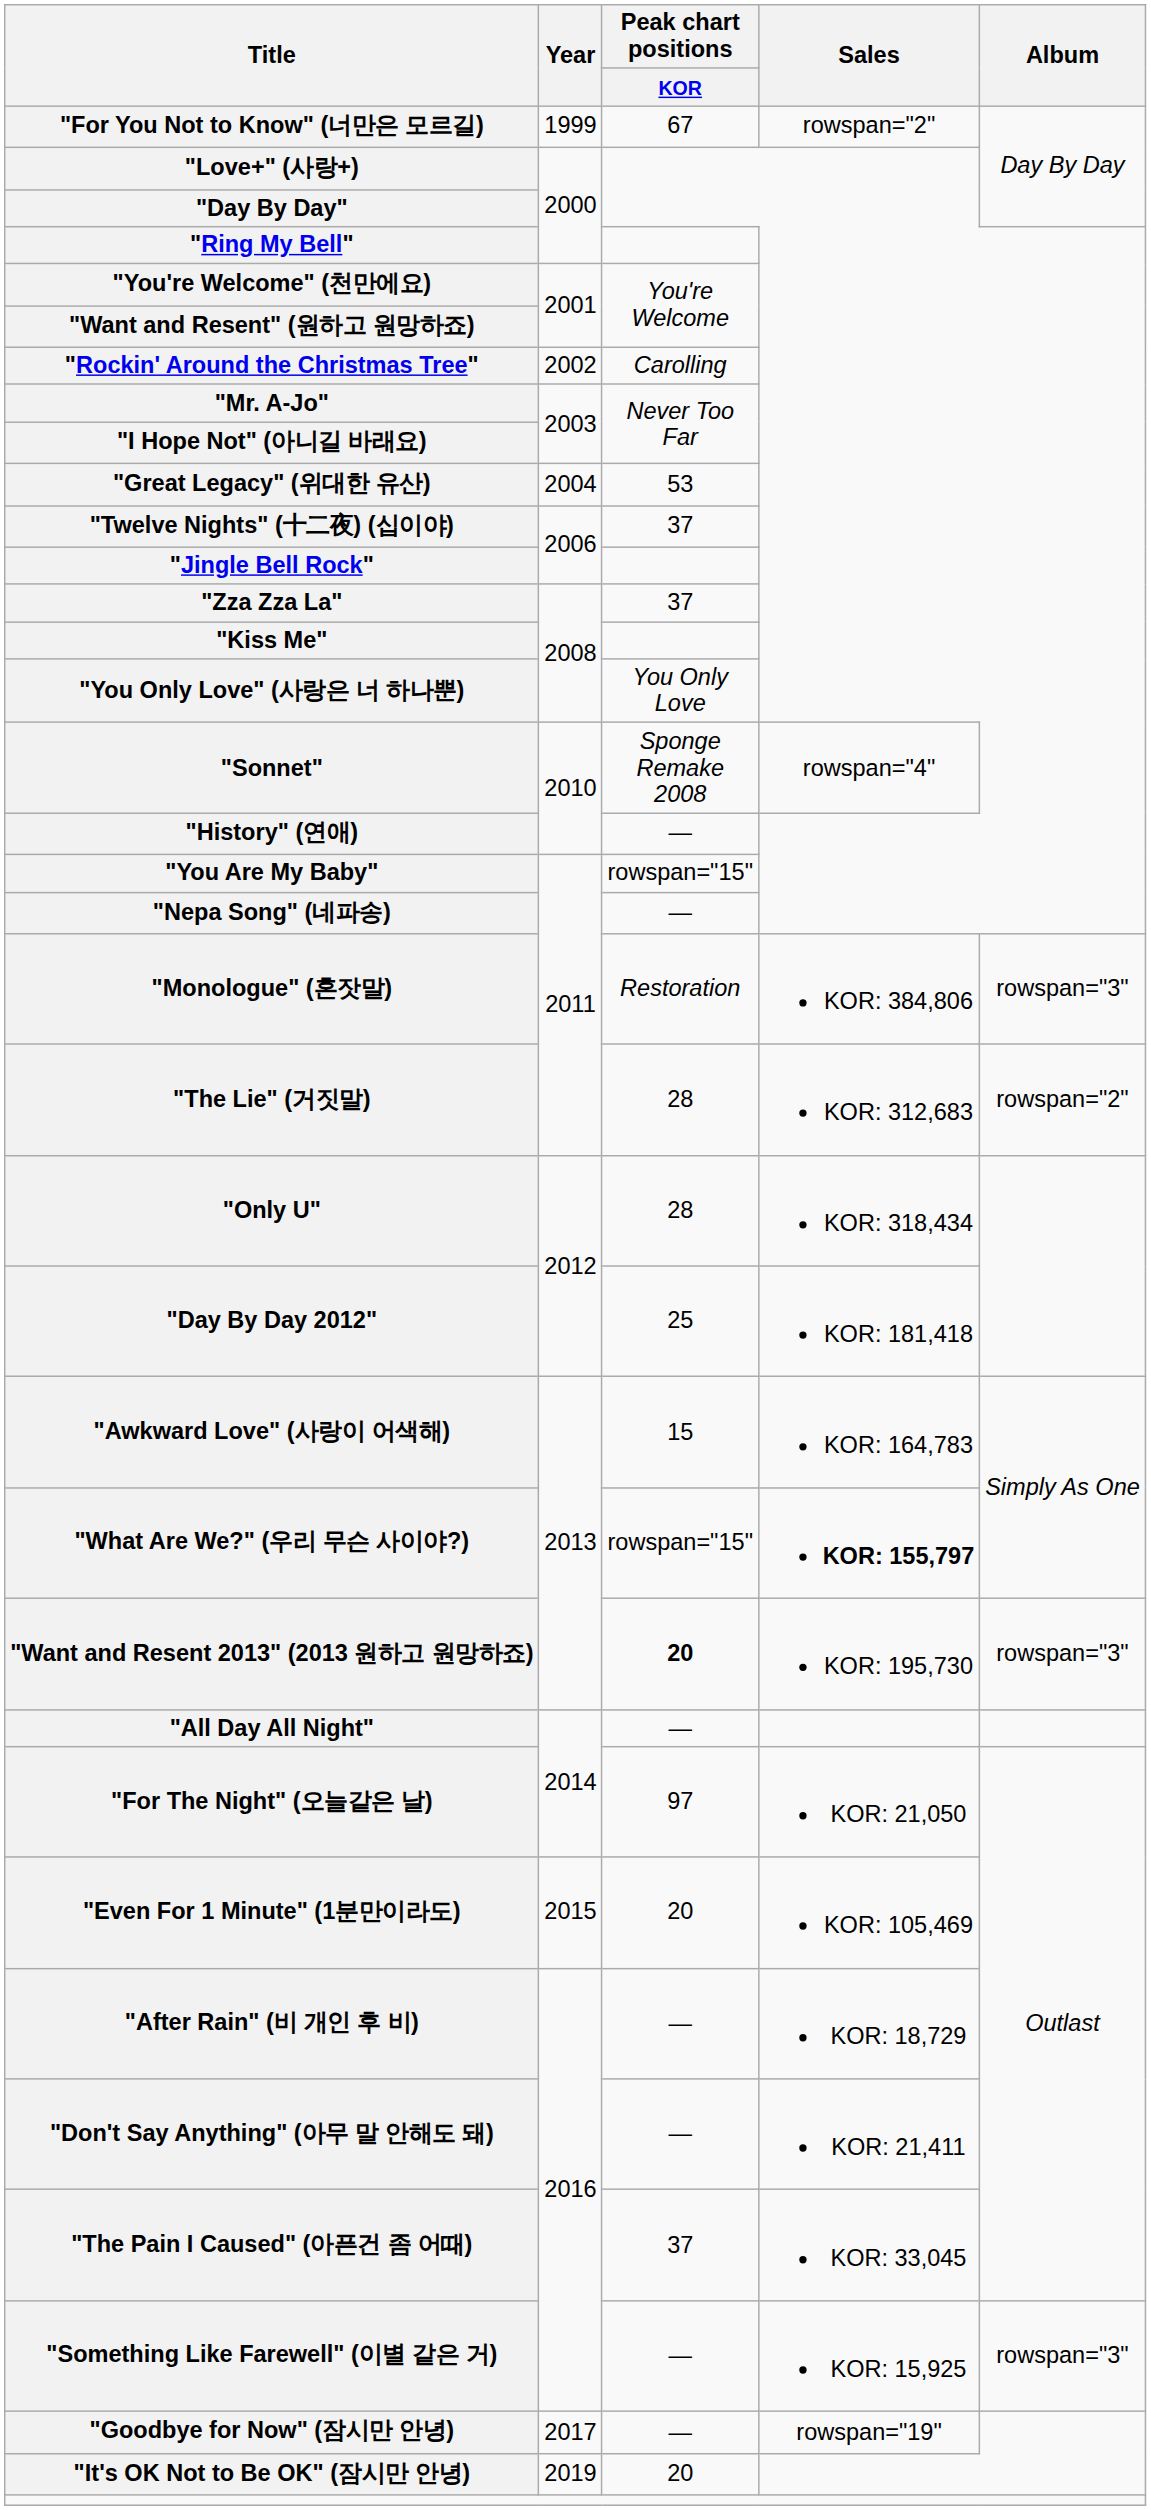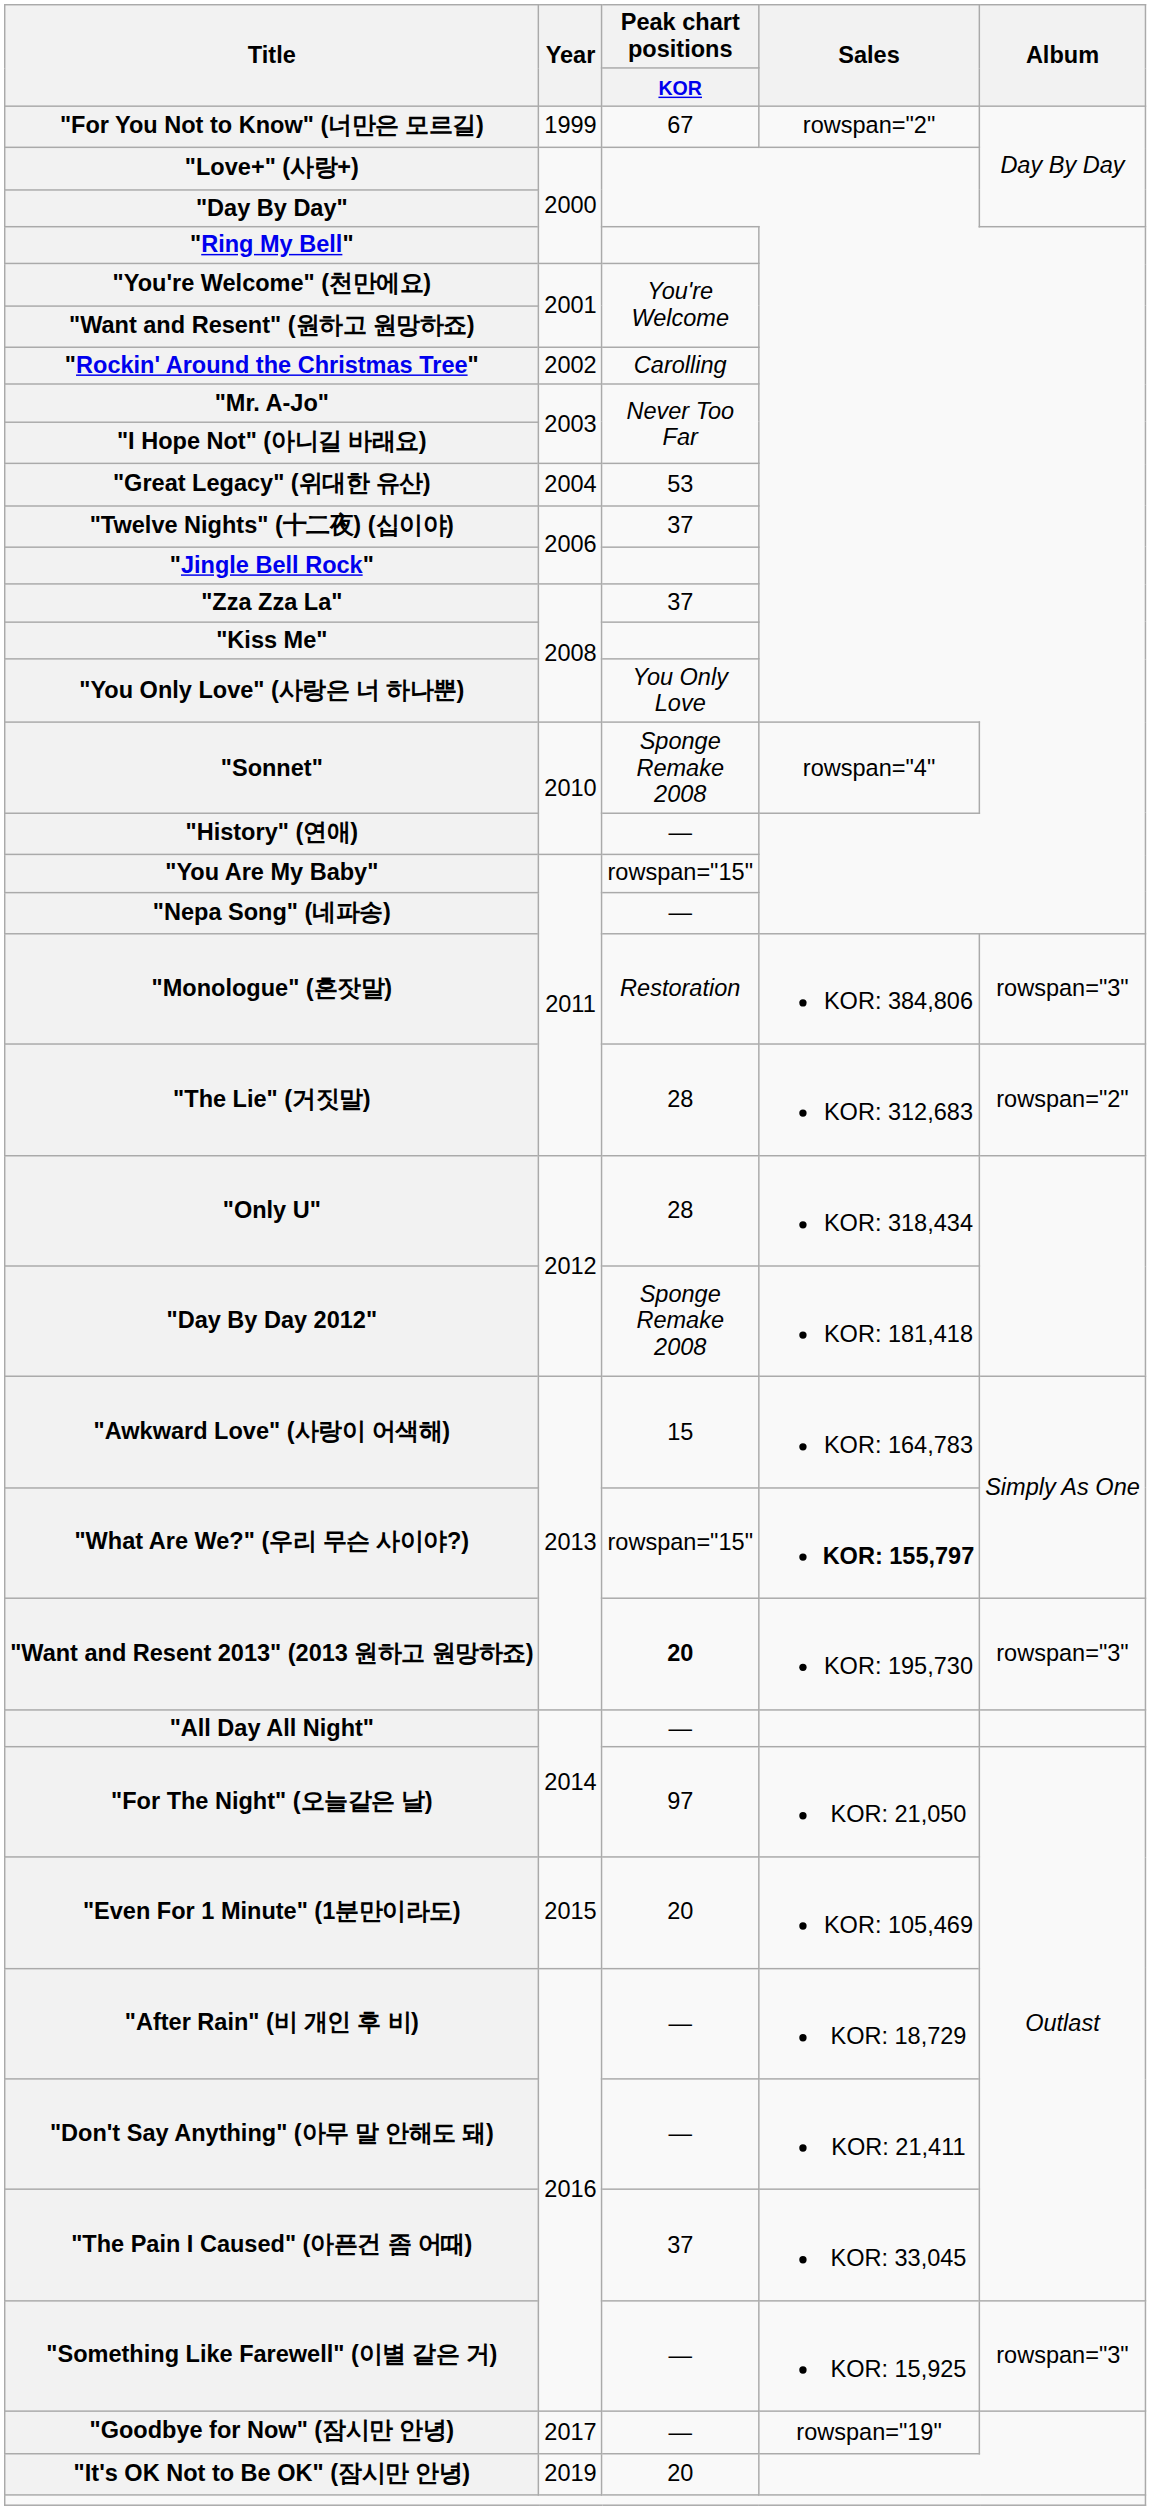 <table class="wikitable plainrowheaders" style="text-align:center;">
 <tr>
 <th scope="col" rowspan="2">Title</th>
 <th scope="col" rowspan="2">Year</th>
 <th scope="col" colspan="1" style="width:5em;">Peak chart positions</th>
 <th scope="col" rowspan="2">Sales</th>
 <th scope="col" rowspan="2">Album</th>
 </tr>
 <tr>
 <th><small><a href='#'>KOR</a></small><br></th>
 </tr>
 <tr>
 <th scope="row">"For You Not to Know" (너만은 모르길)</th>
 <td>1999</td>
 <td>67</td>
 <td>rowspan="2" </td>
 <td rowspan="3"><em>Day By Day</em></td>
 </tr>
 <tr>
 <th scope="row">"Love+" (사랑+)</th>
 <td rowspan="3">2000</td>
 </tr>
 <tr>
 <th scope="row">"Day By Day"</th>
 </tr>
 <tr>
 <th scope="row">"<a href='#'>Ring My Bell</a>"</th>
 <td></td>
 </tr>
 <tr>
 <th scope="row">"You're Welcome" (천만에요)</th>
 <td rowspan="2">2001</td>
 <td rowspan="2"><em>You're Welcome</em></td>
 </tr>
 <tr>
 <th scope="row">"Want and Resent" (원하고 원망하죠)</th>
 </tr>
 <tr>
 <th scope="row">"<a href='#'>Rockin' Around the Christmas Tree</a>"</th>
 <td>2002</td>
 <td><em>Carolling</em></td>
 </tr>
 <tr>
 <th scope="row">"Mr. A-Jo"</th>
 <td rowspan="2">2003</td>
 <td rowspan="2"><em>Never Too Far</em></td>
 </tr>
 <tr>
 <th scope="row">"I Hope Not" (아니길 바래요)</th>
 </tr>
 <tr>
 <th scope="row">"Great Legacy" (위대한 유산)</th>
 <td>2004</td>
 <td>53</td>
 </tr>
 <tr>
 <th scope="row">"Twelve Nights" (十二夜) (십이야)</th>
 <td rowspan="2">2006</td>
 <td>37</td>
 </tr>
 <tr>
 <th scope="row">"<a href='#'>Jingle Bell Rock</a>"</th>
 <td></td>
 </tr>
 <tr>
 <th scope="row">"Zza Zza La"</th>
 <td rowspan="3">2008</td>
 <td>37</td>
 </tr>
 <tr>
 <th scope="row">"Kiss Me"</th>
 <td></td>
 </tr>
 <tr>
 <th scope="row">"You Only Love" (사랑은 너 하나뿐)<br></th>
 <td><em>You Only Love</em></td>
 </tr>
 <tr>
 <th scope="row">"Sonnet"</th>
 <td rowspan="2">2010</td>
 <td><em>Sponge Remake 2008</em></td>
 <td>rowspan="4" </td>
 </tr>
 <tr>
 <th scope="row">"History" (연애)</th>
 <td>—</td>
 </tr>
 <tr>
 <th scope="row">"You Are My Baby"</th>
 <td rowspan="4">2011</td>
 <td>rowspan="15" </td>
 </tr>
 <tr>
 <th scope="row">"Nepa Song" (네파송)</th>
 <td>—</td>
 </tr>
 <tr>
 <th scope="row">"Monologue" (혼잣말)</th>
 <td><em>Restoration</em></td>
 <td><br><ul><li>KOR: 384,806</li></ul></td>
 <td>rowspan="3" </td>
 </tr>
 <tr>
 <th scope="row">"The Lie" (거짓말)</th>
 <td>28</td>
 <td><br><ul><li>KOR: 312,683</li></ul></td>
 <td>rowspan="2" </td>
 </tr>
 <tr>
 <th scope="row">"Only U"<br></th>
 <td rowspan="2">2012</td>
 <td>28</td>
 <td><br><ul><li>KOR: 318,434</li></ul></td>
 </tr>
 <tr>
 <th scope="row">"Day By Day 2012"<br></th>
-<td>25</td>
+<td><em>Sponge Remake 2008</em></td>
 <td><br><ul><li>KOR: 181,418</li></ul></td>
 </tr>
 <tr>
 <th scope="row">"Awkward Love" (사랑이 어색해)</th>
 <td rowspan="3">2013</td>
 <td>15</td>
 <td><br><ul><li>KOR: 164,783</li></ul></td>
 <td rowspan="2"><em>Simply As One</em></td>
 </tr>
 <tr>
 <th scope="row">"What Are We?" (우리 무슨 사이야?)<br></th>
 <td>rowspan="15" </td>
 <td><strong><br><ul><li>KOR: 155,797</li></ul></strong></td>
 </tr>
 <tr>
 <th scope="row">"Want and Resent 2013" (2013 원하고 원망하죠)</th>
 <td><strong>20</strong></td>
 <td><br><ul><li>KOR: 195,730</li></ul></td>
 <td>rowspan="3" </td>
 </tr>
 <tr>
 <th scope="row">"All Day All Night"<br></th>
 <td rowspan="2">2014</td>
 <td>—</td>
 <td></td>
 </tr>
 <tr>
 <th scope="row">"For The Night" (오늘같은 날)</th>
 <td>97</td>
 <td><br><ul><li>KOR: 21,050</li></ul></td>
 <td rowspan="5"><em>Outlast</em></td>
 </tr>
 <tr>
 <th scope="row">"Even For 1 Minute" (1분만이라도)<br></th>
 <td>2015</td>
 <td>20</td>
 <td><br><ul><li>KOR: 105,469</li></ul></td>
 </tr>
 <tr>
 <th scope="row">"After Rain" (비 개인 후 비)<br></th>
 <td rowspan="4">2016</td>
 <td>—</td>
 <td><br><ul><li>KOR: 18,729</li></ul></td>
 </tr>
 <tr>
 <th scope="row">"Don't Say Anything" (아무 말 안해도 돼)</th>
 <td>—</td>
 <td><br><ul><li>KOR: 21,411</li></ul></td>
 </tr>
 <tr>
 <th scope="row">"The Pain I Caused" (아픈건 좀 어때)</th>
 <td>37</td>
 <td><br><ul><li>KOR: 33,045</li></ul></td>
 </tr>
 <tr>
 <th scope="row">"Something Like Farewell" (이별 같은 거)</th>
 <td>—</td>
 <td><br><ul><li>KOR: 15,925</li></ul></td>
 <td>rowspan="3" </td>
 </tr>
 <tr>
 <th scope="row">"Goodbye for Now" (잠시만 안녕)</th>
 <td>2017</td>
 <td>—</td>
 <td>rowspan="19" </td>
 </tr>
 <tr>
 <th scope="row">"It's OK Not to Be OK" (잠시만 안녕)<br></th>
 <td>2019</td>
 <td>20</td>
 </tr>
 <tr>
 <td colspan="5"></td>
 </tr>
 </table>
